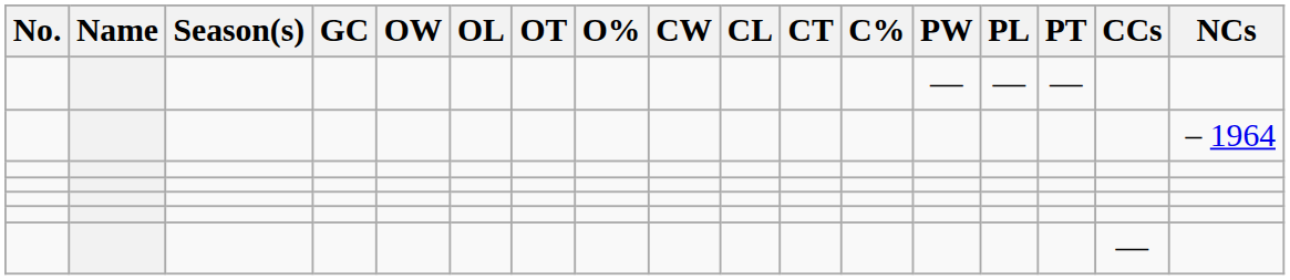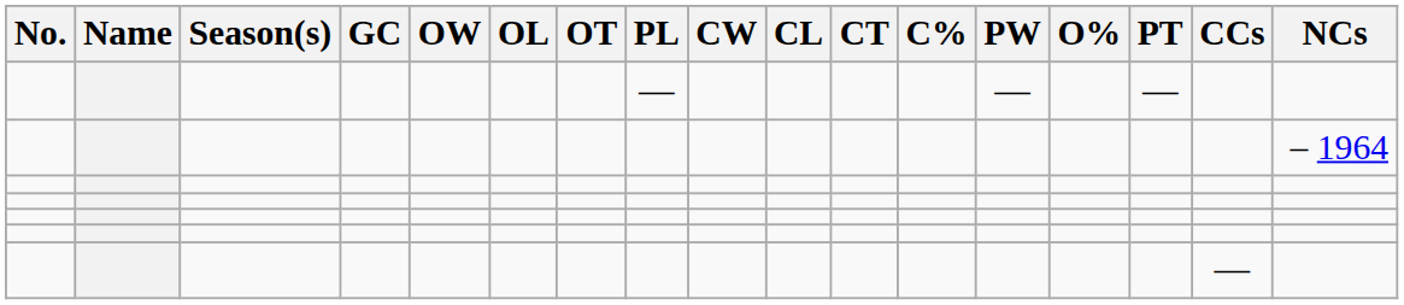 <table class="wikitable sortable" style="text-align:center;">
 <tr>
 <th scope="col" class="unsortable">No.</th>
 <th scope="col">Name</th>
 <th scope="col">Season(s)</th>
 <th scope="col">GC</th>
 <th scope="col">OW</th>
 <th scope="col">OL</th>
 <th scope="col">OT</th>
-<th scope="col">O%</th>
+<th scope="col">PL</th>
 <th scope="col">CW</th>
 <th scope="col">CL</th>
 <th scope="col">CT</th>
 <th scope="col">C%</th>
 <th scope="col">PW</th>
-<th scope="col">PL</th>
+<th scope="col">O%</th>
 <th scope="col">PT</th>
 <th scope="col">CCs</th>
 <th scope="col">NCs</th>
 </tr>
 <tr>
 <td></td>
 <th scope="row"></th>
 <td></td>
 <td></td>
 <td></td>
 <td></td>
 <td></td>
-<td></td>
+<td>—</td>
 <td></td>
 <td></td>
 <td></td>
 <td></td>
 <td>—</td>
-<td>—</td>
+<td></td>
 <td>—</td>
 <td></td>
 <td></td>
 </tr>
 <tr>
 <td></td>
 <th scope="row"></th>
 <td></td>
 <td></td>
 <td></td>
 <td></td>
 <td></td>
 <td></td>
 <td></td>
 <td></td>
 <td></td>
 <td></td>
 <td></td>
 <td></td>
 <td></td>
 <td></td>
 <td> – <a href='#'>1964</a></td>
 </tr>
 <tr>
 <td></td>
 <th scope="row"></th>
 <td></td>
 <td></td>
 <td></td>
 <td></td>
 <td></td>
 <td></td>
 <td></td>
 <td></td>
 <td></td>
 <td></td>
 <td></td>
 <td></td>
 <td></td>
 <td></td>
 <td></td>
 </tr>
 <tr>
 <td></td>
 <th scope="row"></th>
 <td></td>
 <td></td>
 <td></td>
 <td></td>
 <td></td>
 <td></td>
 <td></td>
 <td></td>
 <td></td>
 <td></td>
 <td></td>
 <td></td>
 <td></td>
 <td></td>
 <td></td>
 </tr>
 <tr>
 <td></td>
 <th scope="row"></th>
 <td></td>
 <td></td>
 <td></td>
 <td></td>
 <td></td>
 <td></td>
 <td></td>
 <td></td>
 <td></td>
 <td></td>
 <td></td>
 <td></td>
 <td></td>
 <td></td>
 <td></td>
 </tr>
 <tr>
 <td></td>
 <th scope="row"></th>
 <td></td>
 <td></td>
 <td></td>
 <td></td>
 <td></td>
 <td></td>
 <td></td>
 <td></td>
 <td></td>
 <td></td>
 <td></td>
 <td></td>
 <td></td>
 <td></td>
 <td></td>
 </tr>
 <tr>
 <td></td>
 <th scope="row"></th>
 <td></td>
 <td></td>
 <td></td>
 <td></td>
 <td></td>
 <td></td>
 <td></td>
 <td></td>
 <td></td>
 <td></td>
 <td></td>
 <td></td>
 <td></td>
 <td>—</td>
 <td></td>
 </tr>
 </table>
